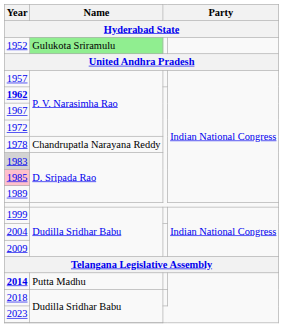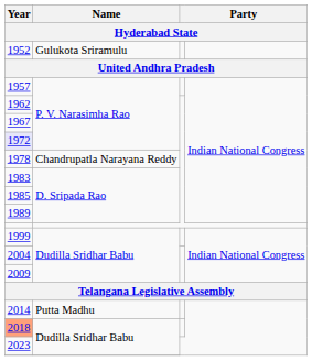 <table class="wikitable sortable">
 <tr>
 <th>Year</th>
 <th>Name</th>
 <th colspan="2">Party</th>
 </tr>
 <tr>
 <th colspan=4><a href='#'>Hyderabad State</a></th>
 </tr>
 <tr>
 <td><a href='#'>1952</a></td>
-<td style="background: lightgreen;">Gulukota Sriramulu</td>
+<td>Gulukota Sriramulu</td>
 <td></td>
 </tr>
 <tr>
 <th colspan=4><a href='#'>United Andhra Pradesh</a></th>
 </tr>
 <tr>
 <td><a href='#'>1957</a></td>
 <td rowspan="4"><a href='#'>P. V. Narasimha Rao</a></td>
 <td style="background-color: "></td>
 <td rowspan="8"><a href='#'>Indian National Congress</a></td>
 </tr>
 <tr>
-<td><strong><a href='#'>1962</a></strong></td>
+<td><a href='#'>1962</a></td>
 </tr>
 <tr>
 <td><a href='#'>1967</a></td>
 </tr>
 <tr>
-<td><a href='#'>1972</a></td>
+<td style="background: lavender;"><a href='#'>1972</a></td>
 </tr>
 <tr>
 <td><a href='#'>1978</a></td>
 <td>Chandrupatla Narayana Reddy</td>
 </tr>
 <tr>
-<td style="background: lightgrey;"><a href='#'>1983</a></td>
+<td><a href='#'>1983</a></td>
 <td rowspan="3"><a href='#'>D. Sripada Rao</a></td>
 </tr>
 <tr>
-<td style="background: pink;"><a href='#'>1985</a></td>
+<td><a href='#'>1985</a></td>
 </tr>
 <tr>
 <td><a href='#'>1989</a></td>
 </tr>
 <tr>
 <td></td>
 </tr>
 <tr>
 <td><a href='#'>1999</a></td>
 <td rowspan="3"><a href='#'>Dudilla Sridhar Babu</a></td>
 <td style="background-color: "></td>
 <td rowspan="3"><a href='#'>Indian National Congress</a></td>
 </tr>
 <tr>
 <td><a href='#'>2004</a></td>
 </tr>
 <tr>
 <td><a href='#'>2009</a></td>
 </tr>
 <tr>
 <th colspan=4><a href='#'>Telangana Legislative Assembly</a></th>
 </tr>
 <tr>
-<td><strong><a href='#'>2014</a></strong></td>
+<td><a href='#'>2014</a></td>
 <td>Putta Madhu</td>
 <td></td>
 </tr>
 <tr>
-<td><a href='#'>2018</a></td>
+<td style="background: lightsalmon;"><a href='#'>2018</a></td>
 <td rowspan=2>Dudilla Sridhar Babu</td>
 <td></td>
 </tr>
 <tr>
 <td><a href='#'>2023</a></td>
 </tr>
 <tr>
 </tr>
 </table>
